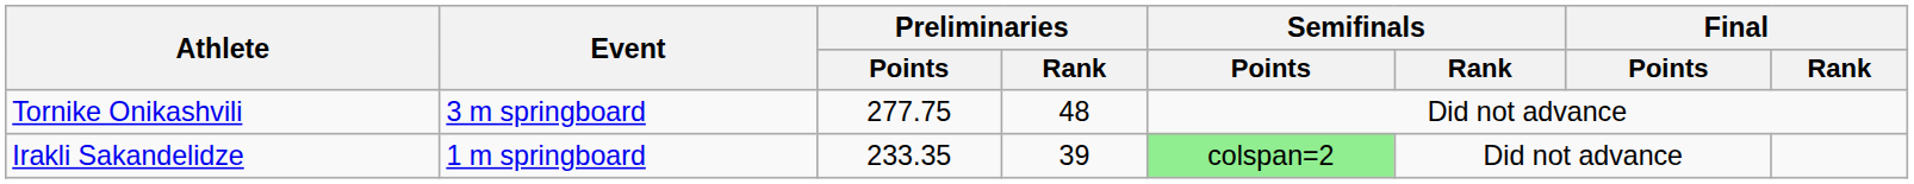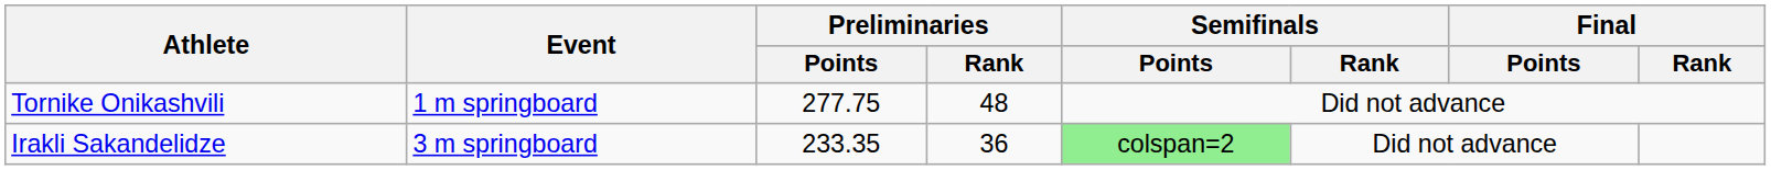 <table class="wikitable" style="text-align:center; font-size:90%; width:50%;">
 <tr>
 <th rowspan=2>Athlete</th>
 <th rowspan=2>Event</th>
 <th colspan=2>Preliminaries</th>
 <th colspan=2>Semifinals</th>
 <th colspan=2>Final</th>
 </tr>
 <tr style="font-size:95%">
 <th>Points</th>
 <th>Rank</th>
 <th>Points</th>
 <th>Rank</th>
 <th>Points</th>
 <th>Rank</th>
 </tr>
 <tr>
 <td align=left><a href='#'>Tornike Onikashvili</a></td>
-<td align=left><a href='#'>3 m springboard</a></td>
+<td align=left><a href='#'>1 m springboard</a></td>
 <td>277.75</td>
 <td>48</td>
 <td colspan=4>Did not advance</td>
 </tr>
 <tr>
 <td align=left><a href='#'>Irakli Sakandelidze</a></td>
-<td align=left><a href='#'>1 m springboard</a></td>
+<td align=left><a href='#'>3 m springboard</a></td>
 <td>233.35</td>
-<td>39</td>
+<td>36</td>
 <td style="background: lightgreen;">colspan=2 </td>
 <td colspan=2>Did not advance</td>
 </tr>
 </table>
